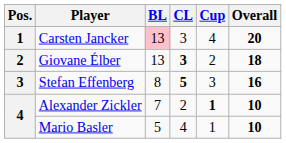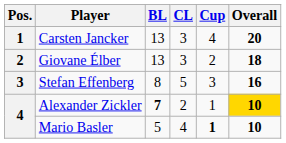 <table class="wikitable">
 <tr>
 <th>Pos.</th>
 <th>Player</th>
 <th><a href='#'>BL</a></th>
 <th><a href='#'>CL</a></th>
 <th><a href='#'>Cup</a></th>
 <th>Overall</th>
 </tr>
 <tr>
 <th>1</th>
 <td> <a href='#'>Carsten Jancker</a></td>
-<td align="center" style="background: pink;">13</td>
+<td align="center">13</td>
 <td align="center">3</td>
 <td align="center">4</td>
 <td align="center"><strong>20</strong></td>
 </tr>
 <tr>
 <th>2</th>
 <td> <a href='#'>Giovane Élber</a></td>
 <td align="center">13</td>
-<td align="center"><strong>3</strong></td>
+<td align="center">3</td>
 <td align="center">2</td>
 <td align="center"><strong>18</strong></td>
 </tr>
 <tr>
 <th>3</th>
 <td> <a href='#'>Stefan Effenberg</a></td>
 <td align="center">8</td>
-<td align="center"><strong>5</strong></td>
+<td align="center">5</td>
 <td align="center">3</td>
 <td align="center"><strong>16</strong></td>
 </tr>
 <tr>
 <th rowspan=2>4</th>
 <td> <a href='#'>Alexander Zickler</a></td>
-<td align="center">7</td>
+<td align="center"><strong>7</strong></td>
 <td align="center">2</td>
-<td align="center"><strong>1</strong></td>
-<td align="center"><strong>10</strong></td>
+<td align="center">1</td>
+<td align="center" style="background: gold;"><strong>10</strong></td>
 </tr>
 <tr>
 <td> <a href='#'>Mario Basler</a></td>
 <td align="center">5</td>
 <td align="center">4</td>
-<td align="center">1</td>
+<td align="center"><strong>1</strong></td>
 <td align="center"><strong>10</strong></td>
 </tr>
 </table>
